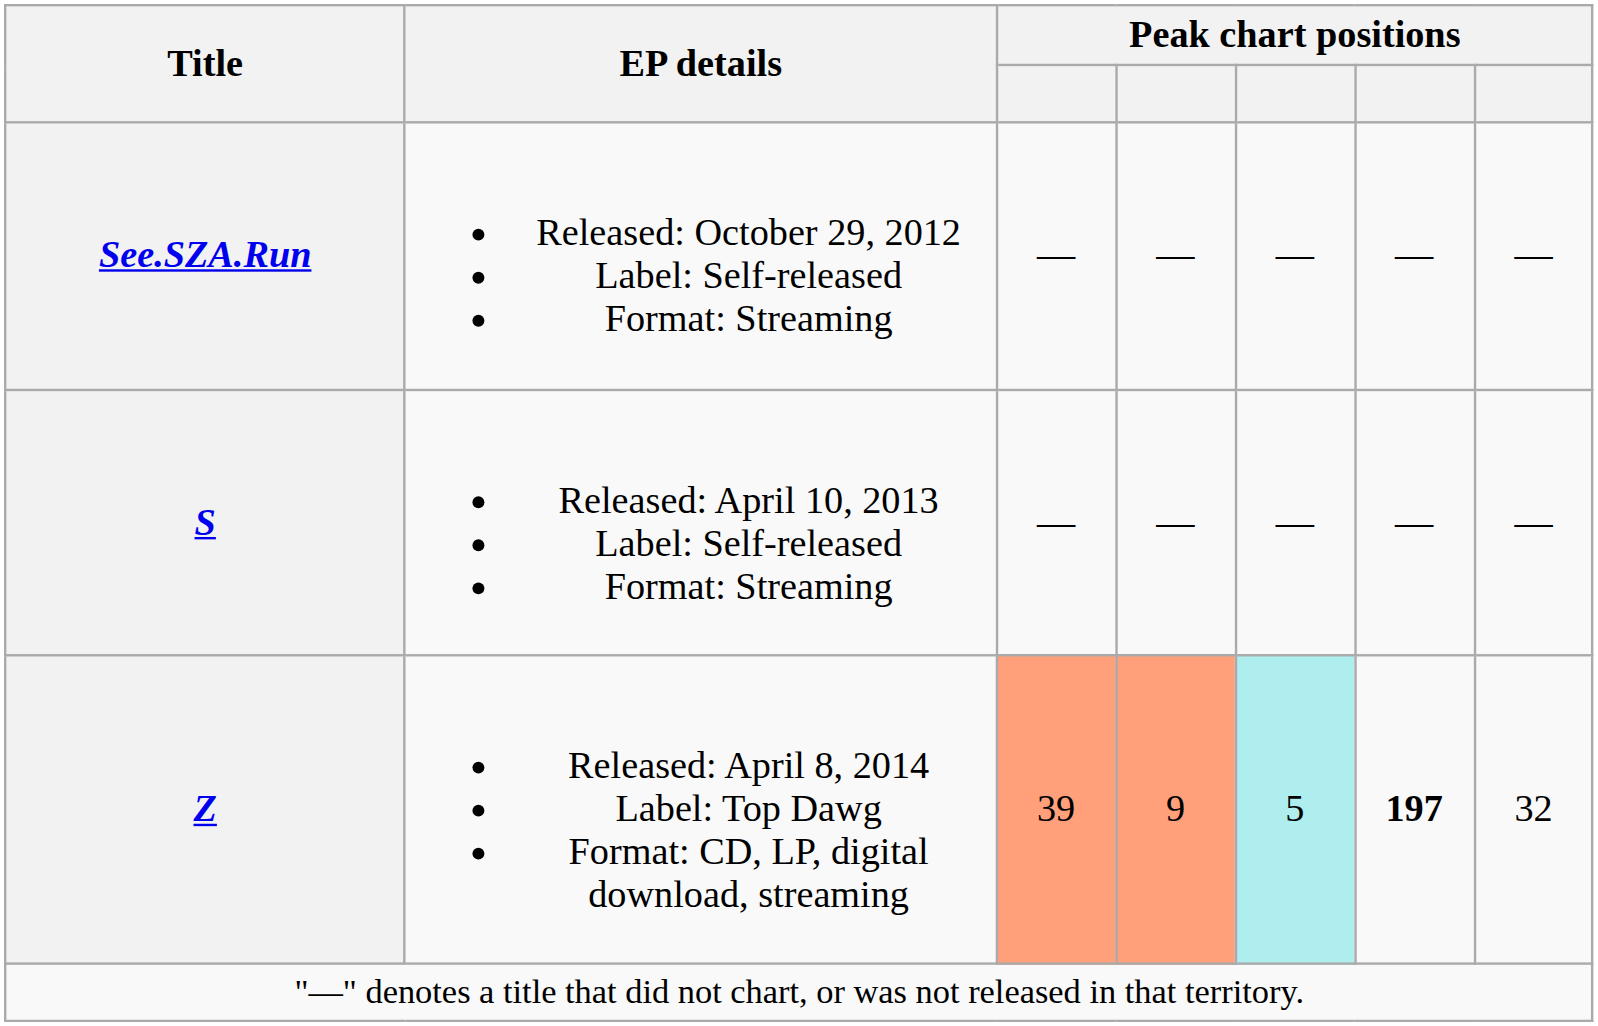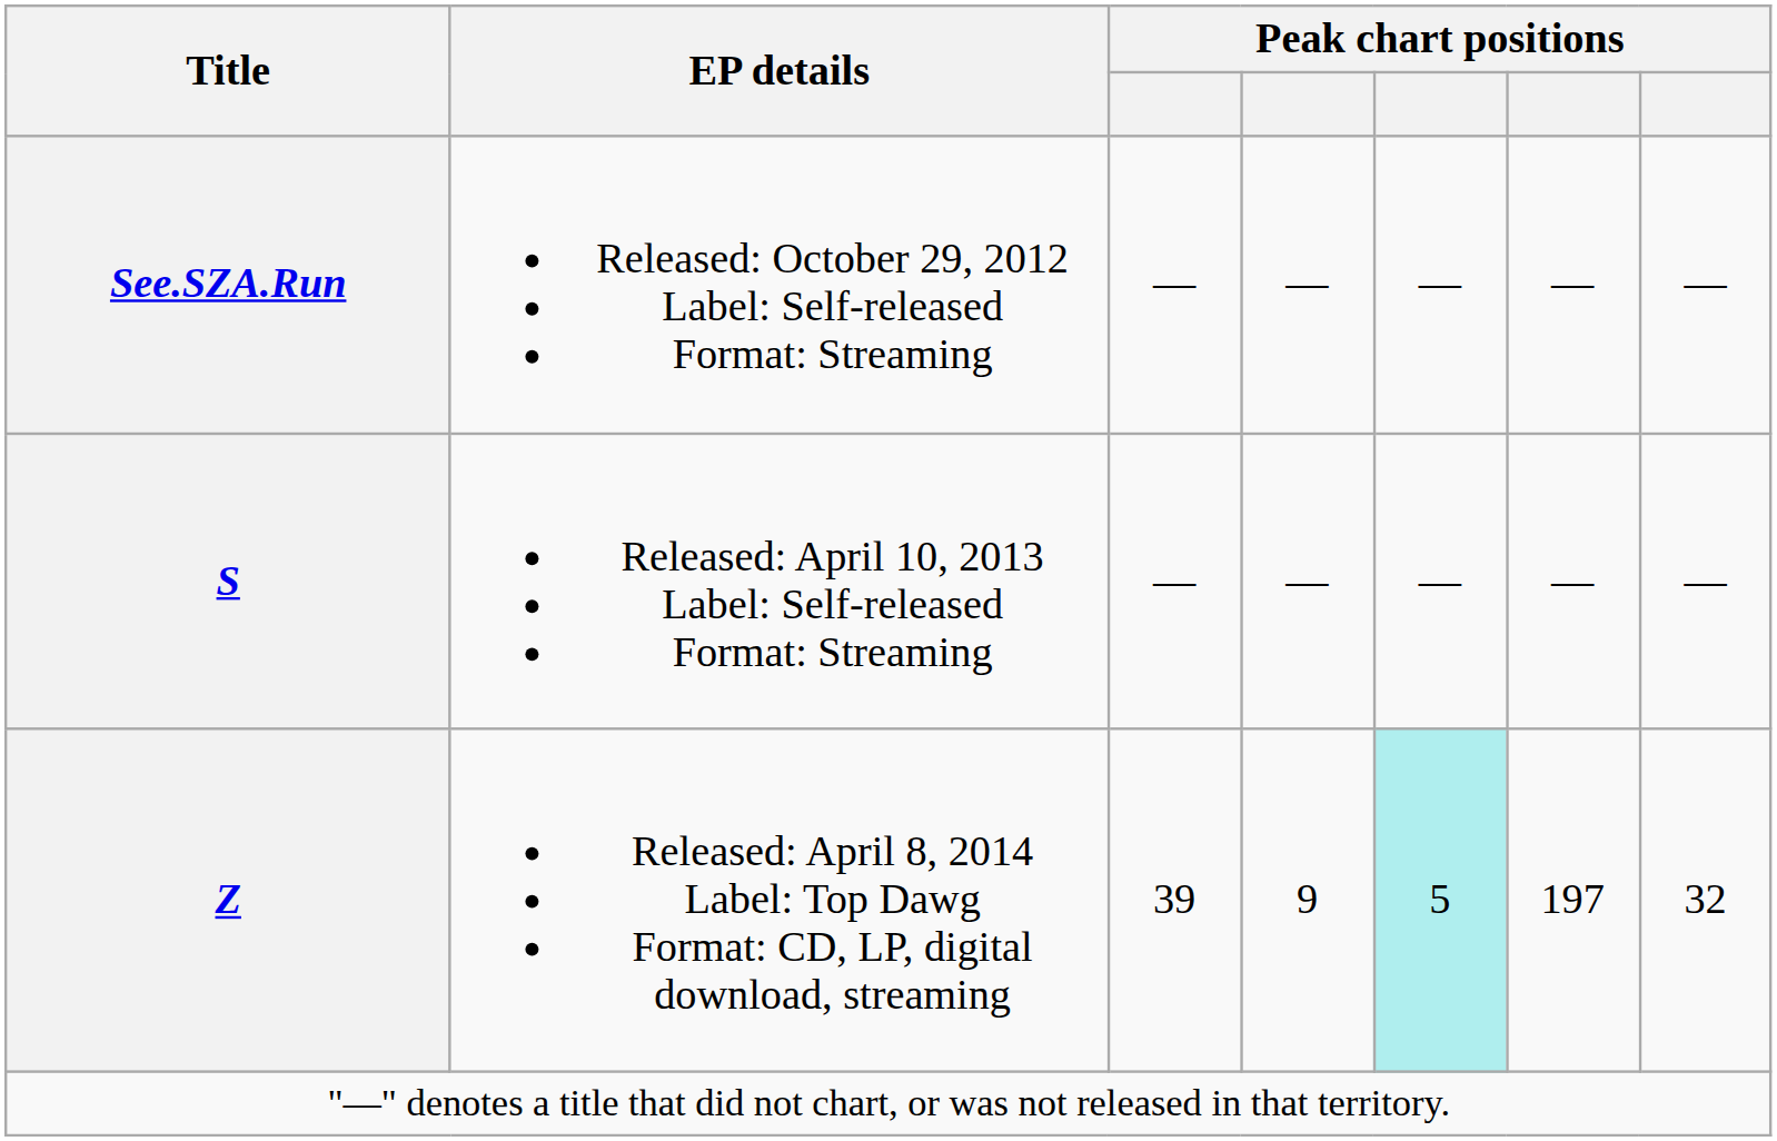 <table class="wikitable plainrowheaders" style="text-align:center;">
 <tr>
 <th scope="col" rowspan="2" style="width:10em;">Title</th>
 <th scope="col" rowspan="2" style="width:15em;">EP details</th>
 <th scope="col" colspan="5">Peak chart positions</th>
 </tr>
 <tr>
 <th scope="col" style="width:3em;font-size:90%;"><a href='#'></a><br></th>
 <th scope="col" style="width:3em;font-size:90%;"><a href='#'></a><br></th>
 <th scope="col" style="width:3em;font-size:90%;"><a href='#'></a><br></th>
 <th scope="col" style="width:3em;font-size:90%;"><a href='#'></a><br></th>
 <th scope="col" style="width:3em;font-size:90%;"><a href='#'></a><br></th>
 </tr>
 <tr>
 <th scope="row"><em><a href='#'>See.SZA.Run</a></em></th>
 <td><br><ul><li>Released: October 29, 2012</li><li>Label: Self-released</li><li>Format: Streaming</li></ul></td>
 <td>—</td>
 <td>—</td>
 <td>—</td>
 <td>—</td>
 <td>—</td>
 </tr>
 <tr>
 <th scope="row"><em><a href='#'>S</a></em></th>
 <td><br><ul><li>Released: April 10, 2013</li><li>Label: Self-released</li><li>Format: Streaming</li></ul></td>
 <td>—</td>
 <td>—</td>
 <td>—</td>
 <td>—</td>
 <td>—</td>
 </tr>
 <tr>
 <th scope="row"><em><a href='#'>Z</a></em></th>
 <td><br><ul><li>Released: April 8, 2014</li><li>Label: Top Dawg</li><li>Format: CD, LP, digital download, streaming</li></ul></td>
-<td style="background: lightsalmon;">39</td>
-<td style="background: lightsalmon;">9</td>
+<td>39</td>
+<td>9</td>
 <td style="background: paleturquoise;">5</td>
-<td><strong>197</strong></td>
+<td>197</td>
 <td>32</td>
 </tr>
 <tr>
 <td colspan="7" style="font-size:90%">"—" denotes a title that did not chart, or was not released in that territory.</td>
 </tr>
 </table>
